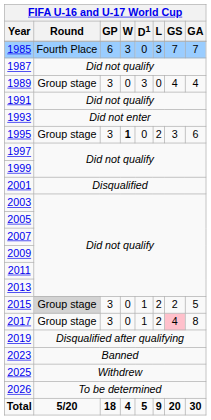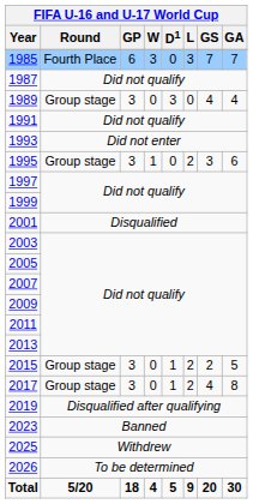 <table class="wikitable" style="text-align: center;">
 <tr>
 <th colspan=8><a href='#'>FIFA U-16 and U-17 World Cup</a></th>
 </tr>
 <tr>
 <th>Year</th>
 <th>Round</th>
 <th>GP</th>
 <th>W</th>
 <th>D<sup>1</sup></th>
 <th>L</th>
 <th>GS</th>
 <th>GA</th>
 </tr>
 <tr>
 </tr>
 <tr bgcolor=#9acdff>
 <td> <a href='#'>1985</a></td>
 <td>Fourth Place</td>
 <td>6</td>
 <td>3</td>
 <td>0</td>
 <td>3</td>
 <td>7</td>
 <td>7</td>
 </tr>
 <tr>
 <td> <a href='#'>1987</a></td>
 <td colspan=7 rowspan=1><em>Did not qualify</em></td>
 </tr>
 <tr>
 <td> <a href='#'>1989</a></td>
 <td>Group stage</td>
 <td>3</td>
 <td>0</td>
 <td>3</td>
 <td>0</td>
 <td>4</td>
 <td>4</td>
 </tr>
 <tr>
 <td> <a href='#'>1991</a></td>
 <td colspan=7 rowspan=1><em>Did not qualify</em></td>
 </tr>
 <tr>
 <td> <a href='#'>1993</a></td>
 <td colspan=7 rowspan=1><em>Did not enter</em></td>
 </tr>
 <tr>
 <td> <a href='#'>1995</a></td>
 <td>Group stage</td>
 <td>3</td>
-<td><strong>1</strong></td>
+<td>1</td>
 <td>0</td>
 <td>2</td>
 <td>3</td>
 <td>6</td>
 </tr>
 <tr>
 <td> <a href='#'>1997</a></td>
 <td colspan=7 rowspan=2><em>Did not qualify</em></td>
 </tr>
 <tr>
 <td> <a href='#'>1999</a></td>
 </tr>
 <tr>
 <td> <a href='#'>2001</a></td>
 <td colspan=7 rowspan=1><em>Disqualified</em></td>
 </tr>
 <tr>
 <td> <a href='#'>2003</a></td>
 <td colspan=7 rowspan=6><em>Did not qualify</em></td>
 </tr>
 <tr>
 <td> <a href='#'>2005</a></td>
 </tr>
 <tr>
 <td> <a href='#'>2007</a></td>
 </tr>
 <tr>
 <td> <a href='#'>2009</a></td>
 </tr>
 <tr>
 <td> <a href='#'>2011</a></td>
 </tr>
 <tr>
 <td> <a href='#'>2013</a></td>
 </tr>
 <tr>
 <td> <a href='#'>2015</a></td>
-<td style="background: lightgrey;">Group stage</td>
+<td>Group stage</td>
 <td>3</td>
 <td>0</td>
 <td>1</td>
 <td>2</td>
 <td>2</td>
 <td>5</td>
 </tr>
 <tr>
 <td> <a href='#'>2017</a></td>
 <td>Group stage</td>
 <td>3</td>
 <td>0</td>
 <td>1</td>
 <td>2</td>
-<td style="background: pink;">4</td>
+<td>4</td>
 <td>8</td>
 </tr>
 <tr>
 <td> <a href='#'>2019</a></td>
 <td colspan=7><em>Disqualified after qualifying</em></td>
 </tr>
 <tr>
 <td> <a href='#'>2023</a></td>
 <td colspan=7><em>Banned</em></td>
 </tr>
 <tr>
 <td> <a href='#'>2025</a></td>
 <td colspan=7><em>Withdrew</em></td>
 </tr>
 <tr>
 <td> <a href='#'>2026</a></td>
 <td colspan=7><em>To be determined</em></td>
 </tr>
 <tr>
 <td><strong>Total</strong></td>
 <td><strong>5/20</strong></td>
 <td><strong>18</strong></td>
 <td><strong>4</strong></td>
 <td><strong>5</strong></td>
 <td><strong>9</strong></td>
 <td><strong>20</strong></td>
 <td><strong>30</strong></td>
 </tr>
 </table>
